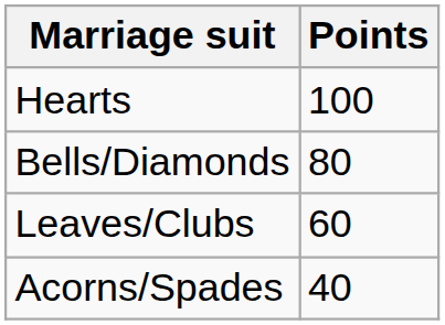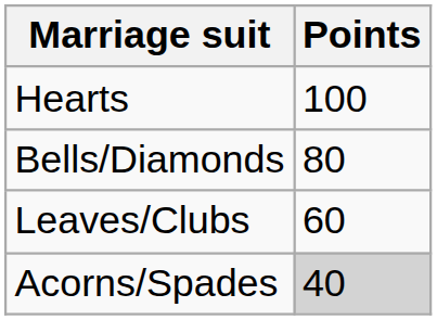 <table class="wikitable">
 <tr>
 <th>Marriage suit</th>
 <th>Points</th>
 </tr>
 <tr>
 <td>Hearts</td>
 <td>100</td>
 </tr>
 <tr>
 <td>Bells/Diamonds</td>
 <td>80</td>
 </tr>
 <tr>
 <td>Leaves/Clubs</td>
 <td>60</td>
 </tr>
 <tr>
 <td>Acorns/Spades</td>
-<td>40</td>
+<td style="background: lightgrey;">40</td>
 </tr>
 </table>
